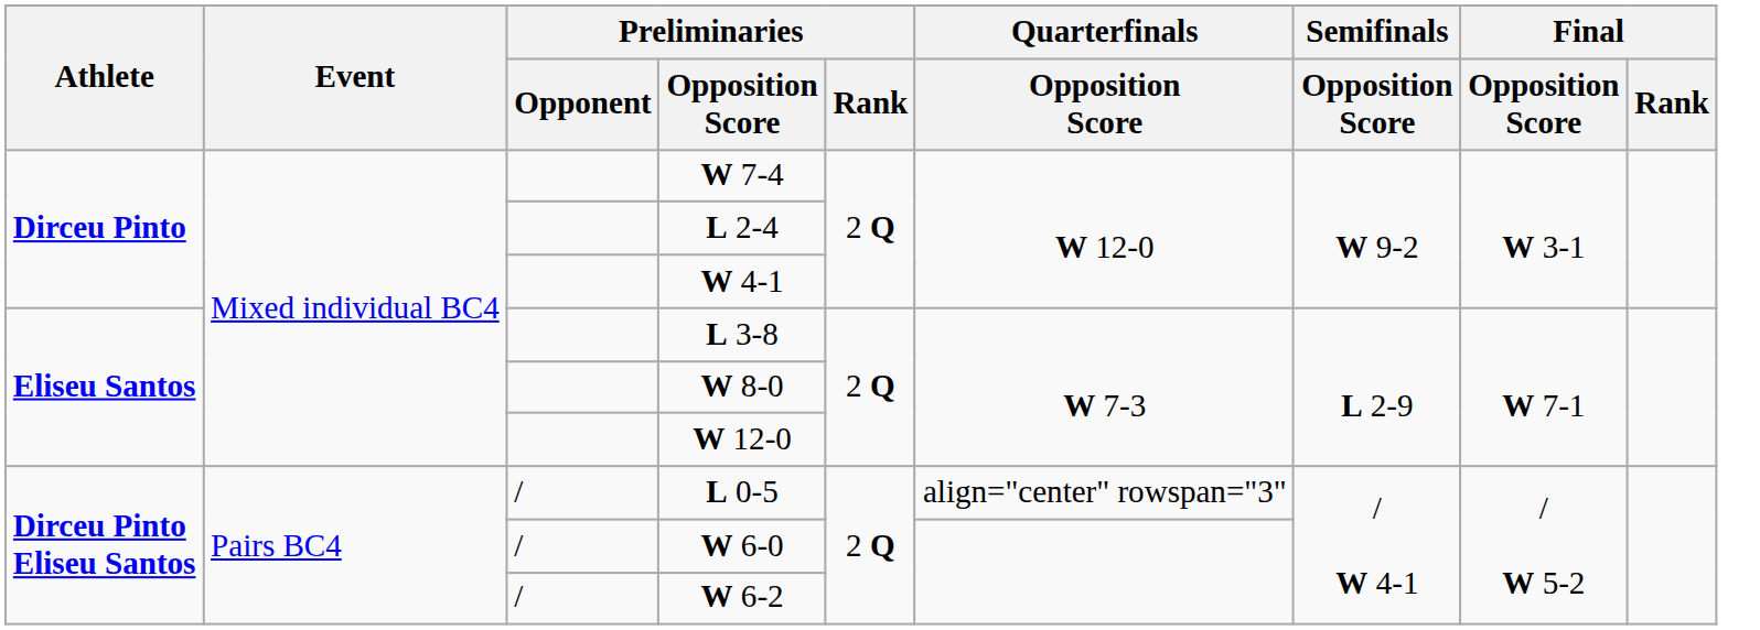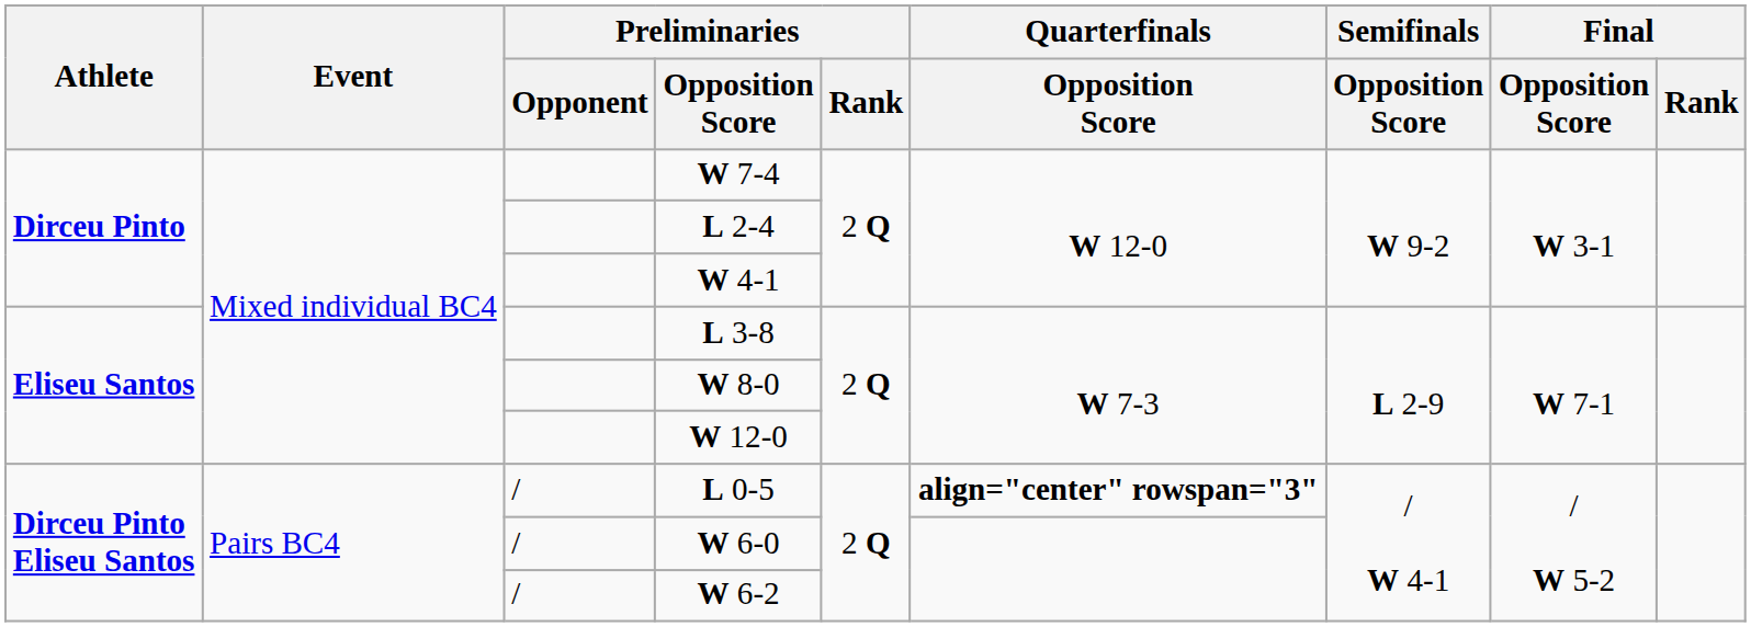 <table class=wikitable style="font-size:90%">
 <tr>
 <th rowspan="2">Athlete</th>
 <th rowspan="2">Event</th>
 <th colspan="3">Preliminaries</th>
 <th>Quarterfinals</th>
 <th>Semifinals</th>
 <th colspan="2">Final</th>
 </tr>
 <tr>
 <th>Opponent</th>
 <th>Opposition<br>Score</th>
 <th>Rank</th>
 <th>Opposition<br>Score</th>
 <th>Opposition<br>Score</th>
 <th>Opposition<br>Score</th>
 <th>Rank</th>
 </tr>
 <tr>
 <td rowspan="3"><strong><a href='#'>Dirceu Pinto</a></strong></td>
 <td rowspan="6"><a href='#'>Mixed individual BC4</a></td>
 <td align="left"></td>
 <td align="center"><strong>W</strong> 7-4</td>
 <td align="center" rowspan="3">2 <strong>Q</strong></td>
 <td align="center" rowspan="3"><br> <strong>W</strong> 12-0</td>
 <td align="center" rowspan="3"><br> <strong>W</strong> 9-2</td>
 <td align="center" rowspan="3"><br> <strong>W</strong> 3-1</td>
 <td align="center" rowspan="3"></td>
 </tr>
 <tr>
 <td align="left"></td>
 <td align="center"><strong>L</strong> 2-4</td>
 </tr>
 <tr>
 <td align="left"></td>
 <td align="center"><strong>W</strong> 4-1</td>
 </tr>
 <tr>
 <td rowspan="3"><strong><a href='#'>Eliseu Santos</a></strong></td>
 <td align="left"></td>
 <td align="center"><strong>L</strong> 3-8</td>
 <td align="center" rowspan="3">2 <strong>Q</strong></td>
 <td align="center" rowspan="3"><br> <strong>W</strong> 7-3</td>
 <td align="center" rowspan="3"><br> <strong>L</strong> 2-9</td>
 <td align="center" rowspan="3"><br> <strong>W</strong> 7-1</td>
 <td align="center" rowspan="3"></td>
 </tr>
 <tr>
 <td align="left"></td>
 <td align="center"><strong>W</strong> 8-0</td>
 </tr>
 <tr>
 <td align="left"></td>
 <td align="center"><strong>W</strong> 12-0</td>
 </tr>
 <tr>
 <td rowspan="3"><strong><a href='#'>Dirceu Pinto</a></strong><br> <strong><a href='#'>Eliseu Santos</a></strong></td>
 <td rowspan="3"><a href='#'>Pairs BC4</a></td>
 <td align="left"> /<br> </td>
 <td align="center"><strong>L</strong> 0-5</td>
 <td align="center" rowspan="3">2 <strong>Q</strong></td>
-<td>align="center" rowspan="3" </td>
+<td><strong>align="center" rowspan="3" </strong></td>
 <td align="center" rowspan="3"> /<br> <br> <strong>W</strong> 4-1</td>
 <td align="center" rowspan="3"> /<br> <br> <strong>W</strong> 5-2</td>
 <td align="center" rowspan="3"></td>
 </tr>
 <tr>
 <td align="left"> /<br> </td>
 <td align="center"><strong>W</strong> 6-0</td>
 </tr>
 <tr>
 <td align="left"> /<br> </td>
 <td align="center"><strong>W</strong> 6-2</td>
 </tr>
 </table>
